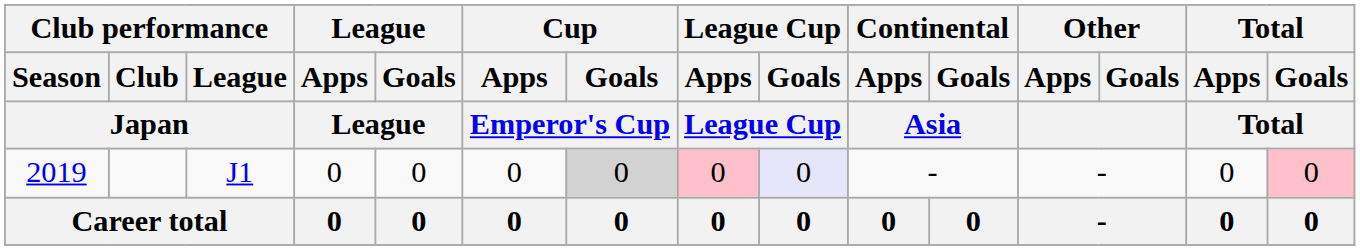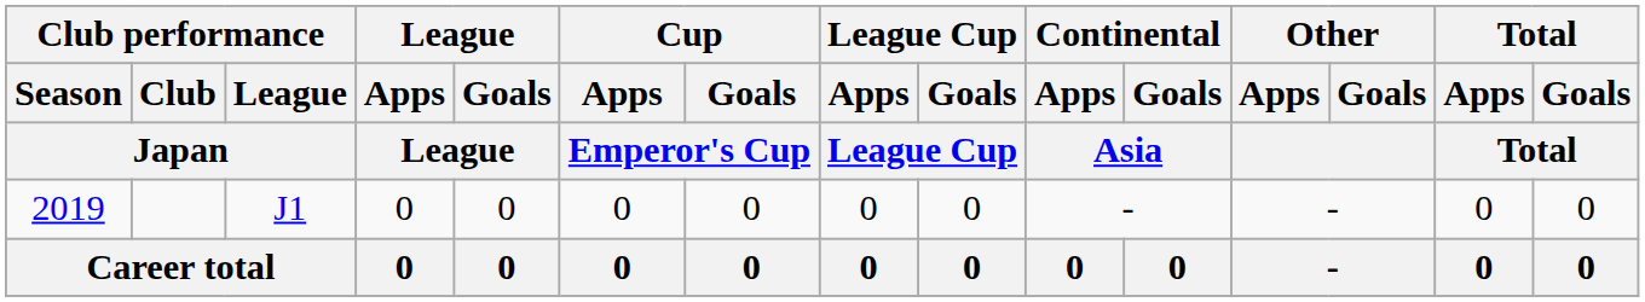 <table class="wikitable" style="text-align:center">
 <tr>
 <th colspan=3>Club performance</th>
 <th colspan=2>League</th>
 <th colspan=2>Cup</th>
 <th colspan=2>League Cup</th>
 <th colspan=2>Continental</th>
 <th colspan=2>Other</th>
 <th colspan=2>Total</th>
 </tr>
 <tr>
 <th>Season</th>
 <th>Club</th>
 <th>League</th>
 <th>Apps</th>
 <th>Goals</th>
 <th>Apps</th>
 <th>Goals</th>
 <th>Apps</th>
 <th>Goals</th>
 <th>Apps</th>
 <th>Goals</th>
 <th>Apps</th>
 <th>Goals</th>
 <th>Apps</th>
 <th>Goals</th>
 </tr>
 <tr>
 <th colspan=3>Japan</th>
 <th colspan=2>League</th>
 <th colspan=2><a href='#'>Emperor's Cup</a></th>
 <th colspan=2><a href='#'>League Cup</a></th>
 <th colspan=2><a href='#'>Asia</a></th>
 <th colspan=2></th>
 <th colspan=2>Total</th>
 </tr>
 <tr>
 <td><a href='#'>2019</a></td>
 <td rowspan="1"></td>
 <td rowspan="1"><a href='#'>J1</a></td>
 <td>0</td>
 <td>0</td>
 <td>0</td>
-<td style="background: lightgrey;">0</td>
-<td style="background: pink;">0</td>
-<td style="background: lavender;">0</td>
+<td>0</td>
+<td>0</td>
+<td>0</td>
 <td colspan="2">-</td>
 <td colspan="2">-</td>
 <td>0</td>
-<td style="background: pink;">0</td>
+<td>0</td>
 </tr>
 <tr>
 <th colspan=3>Career total</th>
 <th>0</th>
 <th>0</th>
 <th>0</th>
 <th>0</th>
 <th>0</th>
 <th>0</th>
 <th>0</th>
 <th>0</th>
 <th colspan="2">-</th>
 <th>0</th>
 <th>0</th>
 </tr>
 </table>
